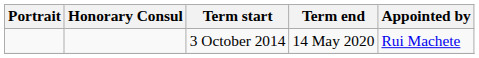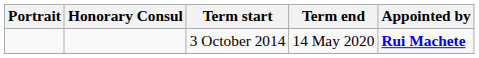 <table class=wikitable>
 <tr>
 <th>Portrait</th>
 <th>Honorary Consul</th>
 <th>Term start</th>
 <th>Term end</th>
 <th>Appointed by</th>
 </tr>
 <tr>
 <td></td>
 <td></td>
 <td align=center>3 October 2014</td>
 <td align=center>14 May 2020</td>
-<td><a href='#'>Rui Machete</a></td>
+<td><strong><a href='#'>Rui Machete</a></strong></td>
 </tr>
 <tr>
 </tr>
 </table>
